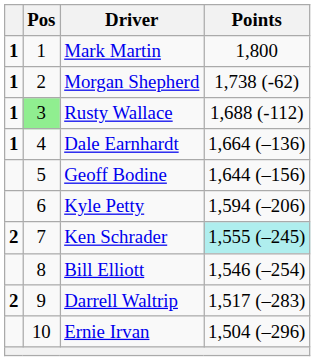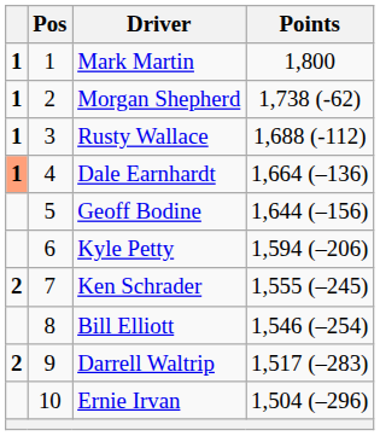 <table class="wikitable" style="font-size: 95%;">
 <tr>
 <th></th>
 <th>Pos</th>
 <th>Driver</th>
 <th>Points</th>
 </tr>
 <tr>
 <td align="left">  <strong>1</strong></td>
 <td style="text-align:center;">1</td>
 <td><a href='#'>Mark Martin</a></td>
 <td style="text-align:center;">1,800</td>
 </tr>
 <tr>
 <td align="left">  <strong>1</strong></td>
 <td style="text-align:center;">2</td>
 <td><a href='#'>Morgan Shepherd</a></td>
 <td style="text-align:center;">1,738 (-62)</td>
 </tr>
 <tr>
 <td align="left">  <strong>1</strong></td>
-<td style="background: lightgreen; text-align:center;">3</td>
+<td style="text-align:center;">3</td>
 <td><a href='#'>Rusty Wallace</a></td>
 <td style="text-align:center;">1,688 (-112)</td>
 </tr>
 <tr>
-<td align="left">  <strong>1</strong></td>
+<td align="left" style="background: lightsalmon;">  <strong>1</strong></td>
 <td style="text-align:center;">4</td>
 <td><a href='#'>Dale Earnhardt</a></td>
 <td style="text-align:center;">1,664 (–136)</td>
 </tr>
 <tr>
 <td align="left"></td>
 <td style="text-align:center;">5</td>
 <td><a href='#'>Geoff Bodine</a></td>
 <td style="text-align:center;">1,644 (–156)</td>
 </tr>
 <tr>
 <td align="left"></td>
 <td style="text-align:center;">6</td>
 <td><a href='#'>Kyle Petty</a></td>
 <td style="text-align:center;">1,594 (–206)</td>
 </tr>
 <tr>
 <td align="left">  <strong>2</strong></td>
 <td style="text-align:center;">7</td>
 <td><a href='#'>Ken Schrader</a></td>
-<td style="background: paleturquoise; text-align:center;">1,555 (–245)</td>
+<td style="text-align:center;">1,555 (–245)</td>
 </tr>
 <tr>
 <td align="left"></td>
 <td style="text-align:center;">8</td>
 <td><a href='#'>Bill Elliott</a></td>
 <td style="text-align:center;">1,546 (–254)</td>
 </tr>
 <tr>
 <td align="left">  <strong>2</strong></td>
 <td style="text-align:center;">9</td>
 <td><a href='#'>Darrell Waltrip</a></td>
 <td style="text-align:center;">1,517 (–283)</td>
 </tr>
 <tr>
 <td align="left"></td>
 <td style="text-align:center;">10</td>
 <td><a href='#'>Ernie Irvan</a></td>
 <td style="text-align:center;">1,504 (–296)</td>
 </tr>
 <tr class="sortbottom">
 <th colspan="9"></th>
 </tr>
 </table>
